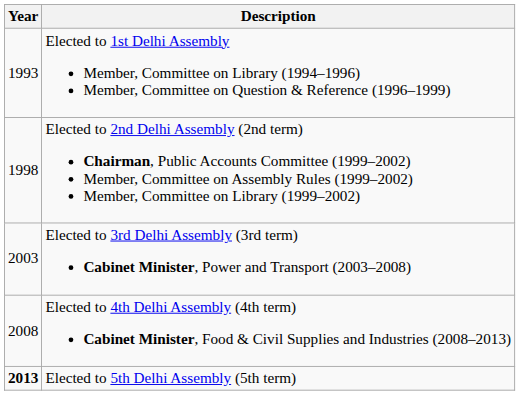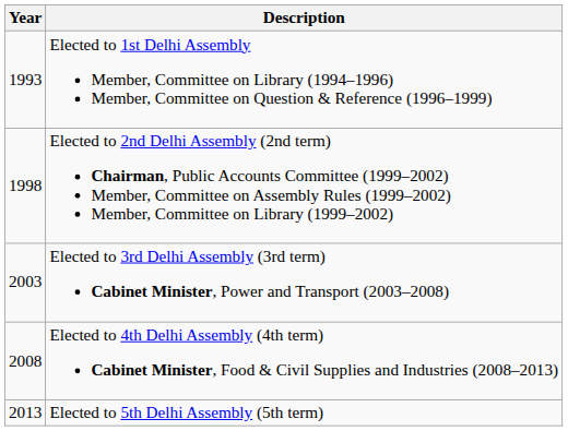 <table class="wikitable">
 <tr>
 <th>Year</th>
 <th>Description</th>
 </tr>
 <tr>
 <td>1993</td>
 <td>Elected to <a href='#'>1st Delhi Assembly</a><br><ul><li>Member, Committee on Library (1994–1996)</li><li>Member, Committee on Question & Reference (1996–1999)</li></ul></td>
 </tr>
 <tr>
 <td>1998</td>
 <td>Elected to <a href='#'>2nd Delhi Assembly</a> (2nd term)<br><ul><li><strong>Chairman</strong>, Public Accounts Committee (1999–2002)</li><li>Member, Committee on Assembly Rules (1999–2002)</li><li>Member, Committee on Library (1999–2002)</li></ul></td>
 </tr>
 <tr>
 <td>2003</td>
 <td>Elected to <a href='#'>3rd Delhi Assembly</a> (3rd term)<br><ul><li><strong>Cabinet Minister</strong>, Power and Transport (2003–2008)</li></ul></td>
 </tr>
 <tr>
 <td>2008</td>
 <td>Elected to <a href='#'>4th Delhi Assembly</a> (4th term)<br><ul><li><strong>Cabinet Minister</strong>, Food & Civil Supplies and Industries (2008–2013)</li></ul></td>
 </tr>
 <tr>
-<td><strong>2013</strong></td>
+<td>2013</td>
 <td>Elected to <a href='#'>5th Delhi Assembly</a> (5th term)</td>
 </tr>
 </table>
